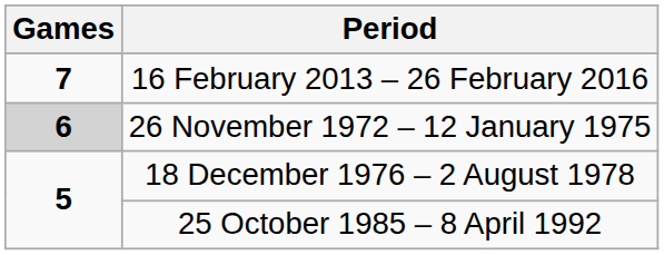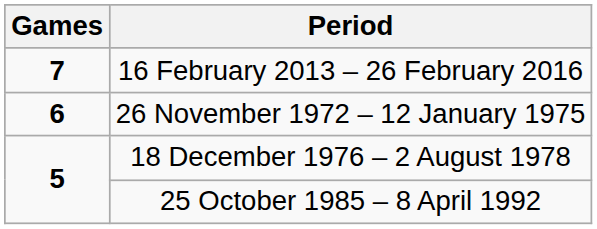 <table class="wikitable sortable" style="text-align:center;">
 <tr>
 <th>Games</th>
 <th>Period</th>
 </tr>
 <tr>
 <td><strong>7</strong></td>
 <td>16 February 2013 – 26 February 2016</td>
 </tr>
 <tr>
-<td style="background: lightgrey;"><strong>6</strong></td>
+<td><strong>6</strong></td>
 <td>26 November 1972 – 12 January 1975</td>
 </tr>
 <tr>
 <td rowspan="2"><strong>5</strong></td>
 <td>18 December 1976 – 2 August 1978</td>
 </tr>
 <tr>
 <td>25 October 1985 – 8 April 1992</td>
 </tr>
 </table>
